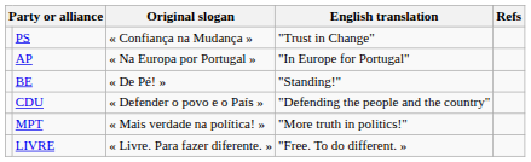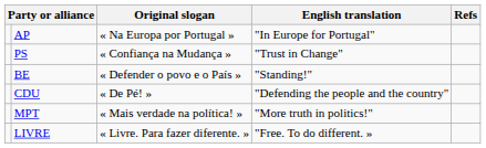 <table class="wikitable" style="font-size:97%; text-align:left;">
 <tr>
 <th style="text-align:left;" colspan="2">Party or alliance</th>
 <th>Original slogan</th>
 <th>English translation</th>
 <th>Refs</th>
+</tr>
+<tr>
+<td style="color:inherit;background:"></td>
+<td><a href='#'>AP</a></td>
+<td>« Na Europa por Portugal »</td>
+<td>"In Europe for Portugal"</td>
+<td></td>
 </tr>
 <tr>
 <td width="1" style="color:inherit;background:"></td>
 <td><a href='#'>PS</a></td>
 <td>« Confiança na Mudança »</td>
 <td>"Trust in Change"</td>
 <td></td>
 </tr>
 <tr>
 <td style="color:inherit;background:"></td>
-<td><a href='#'>AP</a></td>
-<td>« Na Europa por Portugal »</td>
-<td>"In Europe for Portugal"</td>
-<td></td>
-</tr>
-<tr>
-<td style="color:inherit;background:"></td>
 <td><a href='#'>BE</a></td>
-<td>« De Pé! »</td>
+<td>« Defender o povo e o País »</td>
 <td>"Standing!"</td>
 <td></td>
 </tr>
 <tr>
 <td style="color:inherit;background:"></td>
 <td><a href='#'>CDU</a></td>
-<td>« Defender o povo e o País »</td>
+<td>« De Pé! »</td>
 <td>"Defending the people and the country"</td>
 <td></td>
 </tr>
 <tr>
 <td style="color:inherit;background:"></td>
 <td><a href='#'>MPT</a></td>
 <td>« Mais verdade na política! »</td>
 <td>"More truth in politics!"</td>
 <td></td>
 </tr>
 <tr>
 <td style="color:inherit;background:"></td>
 <td><a href='#'>LIVRE</a></td>
 <td>« Livre. Para fazer diferente. »</td>
 <td>"Free. To do different. »</td>
 <td></td>
 </tr>
 </table>
